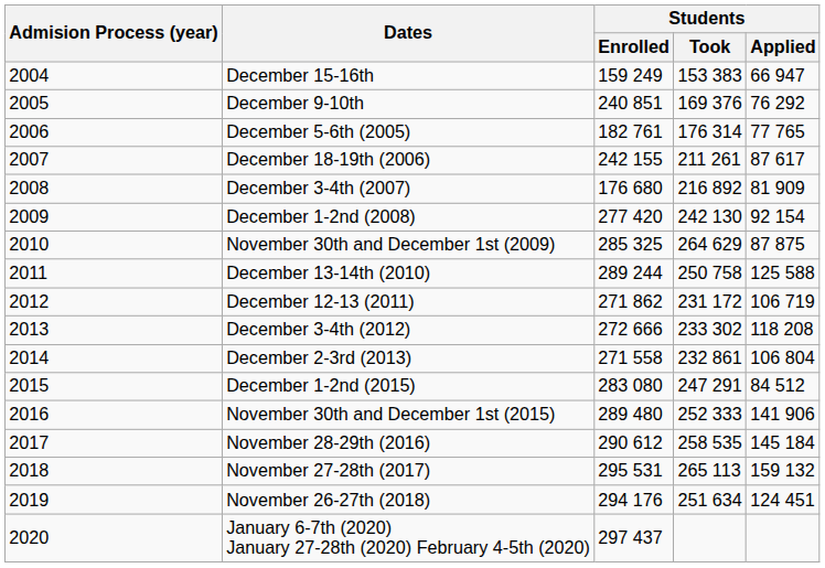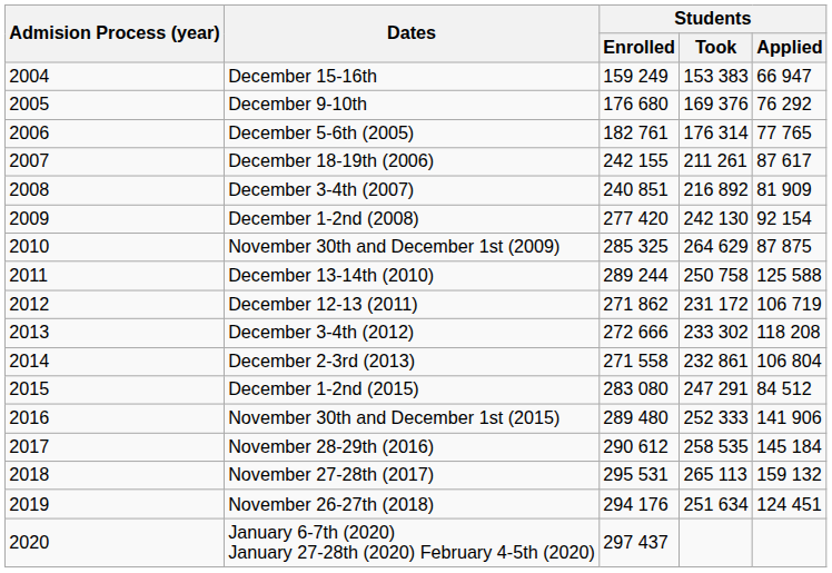 <table class="wikitable">
 <tr>
 <th rowspan="2">Admision Process (year)</th>
 <th rowspan="2">Dates</th>
 <th colspan="3">Students</th>
 </tr>
 <tr>
 <th>Enrolled</th>
 <th>Took</th>
 <th>Applied</th>
 </tr>
 <tr>
 <td>2004</td>
 <td>December 15-16th</td>
 <td>159 249</td>
 <td>153 383</td>
 <td>66 947</td>
 </tr>
 <tr>
 <td>2005</td>
 <td>December 9-10th</td>
-<td>240 851</td>
+<td>176 680</td>
 <td>169 376</td>
 <td>76 292</td>
 </tr>
 <tr>
 <td>2006</td>
 <td>December 5-6th (2005)</td>
 <td>182 761</td>
 <td>176 314</td>
 <td>77 765</td>
 </tr>
 <tr>
 <td>2007</td>
 <td>December 18-19th (2006)</td>
 <td>242 155</td>
 <td>211 261</td>
 <td>87 617</td>
 </tr>
 <tr>
 <td>2008</td>
 <td>December 3-4th (2007)</td>
-<td>176 680</td>
+<td>240 851</td>
 <td>216 892</td>
 <td>81 909</td>
 </tr>
 <tr>
 <td>2009</td>
 <td>December 1-2nd (2008)</td>
 <td>277 420</td>
 <td>242 130</td>
 <td>92 154</td>
 </tr>
 <tr>
 <td>2010</td>
 <td>November 30th and December 1st (2009)</td>
 <td>285 325</td>
 <td>264 629</td>
 <td>87 875</td>
 </tr>
 <tr>
 <td>2011</td>
 <td>December 13-14th (2010)</td>
 <td>289 244</td>
 <td>250 758</td>
 <td>125 588</td>
 </tr>
 <tr>
 <td>2012</td>
 <td>December 12-13 (2011)</td>
 <td>271 862</td>
 <td>231 172</td>
 <td>106 719</td>
 </tr>
 <tr>
 <td>2013</td>
 <td>December 3-4th (2012)</td>
 <td>272 666</td>
 <td>233 302</td>
 <td>118 208</td>
 </tr>
 <tr>
 <td>2014</td>
 <td>December 2-3rd (2013)</td>
 <td>271 558</td>
 <td>232 861</td>
 <td>106 804</td>
 </tr>
 <tr>
 <td>2015</td>
 <td>December 1-2nd (2015)</td>
 <td>283 080</td>
 <td>247 291</td>
 <td>84 512</td>
 </tr>
 <tr>
 <td>2016</td>
 <td>November 30th and December 1st (2015)</td>
 <td>289 480</td>
 <td>252 333</td>
 <td>141 906</td>
 </tr>
 <tr>
 <td>2017</td>
 <td>November 28-29th (2016)</td>
 <td>290 612</td>
 <td>258 535</td>
 <td>145 184</td>
 </tr>
 <tr>
 <td>2018</td>
 <td>November 27-28th (2017)</td>
 <td>295 531</td>
 <td>265 113</td>
 <td>159 132</td>
 </tr>
 <tr>
 <td>2019</td>
 <td>November 26-27th (2018)</td>
 <td>294 176</td>
 <td>251 634</td>
 <td>124 451</td>
 </tr>
 <tr>
 <td>2020</td>
 <td>January 6-7th (2020)<br>January 27-28th (2020) February 4-5th (2020)</td>
 <td>297 437</td>
 <td></td>
 <td></td>
 </tr>
 </table>
